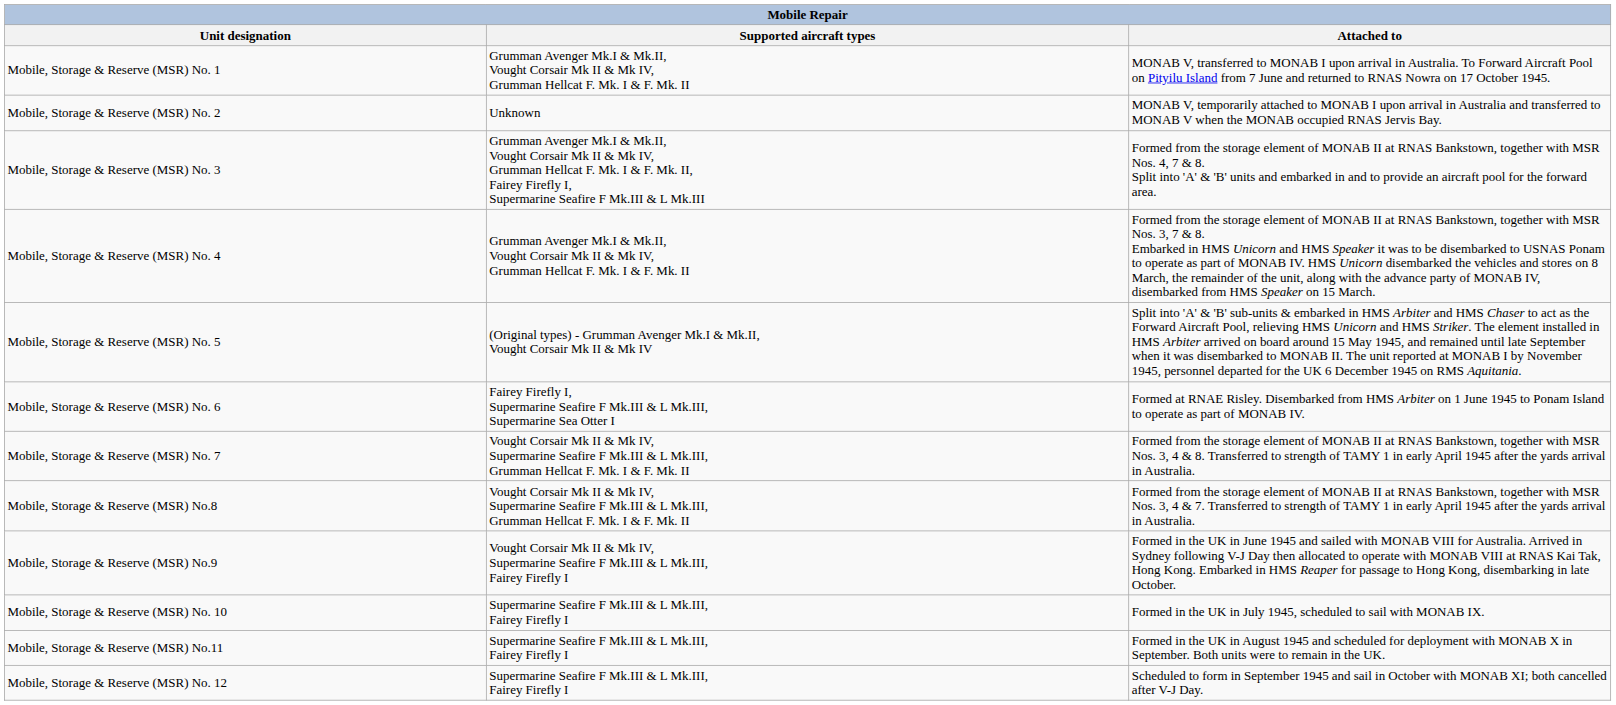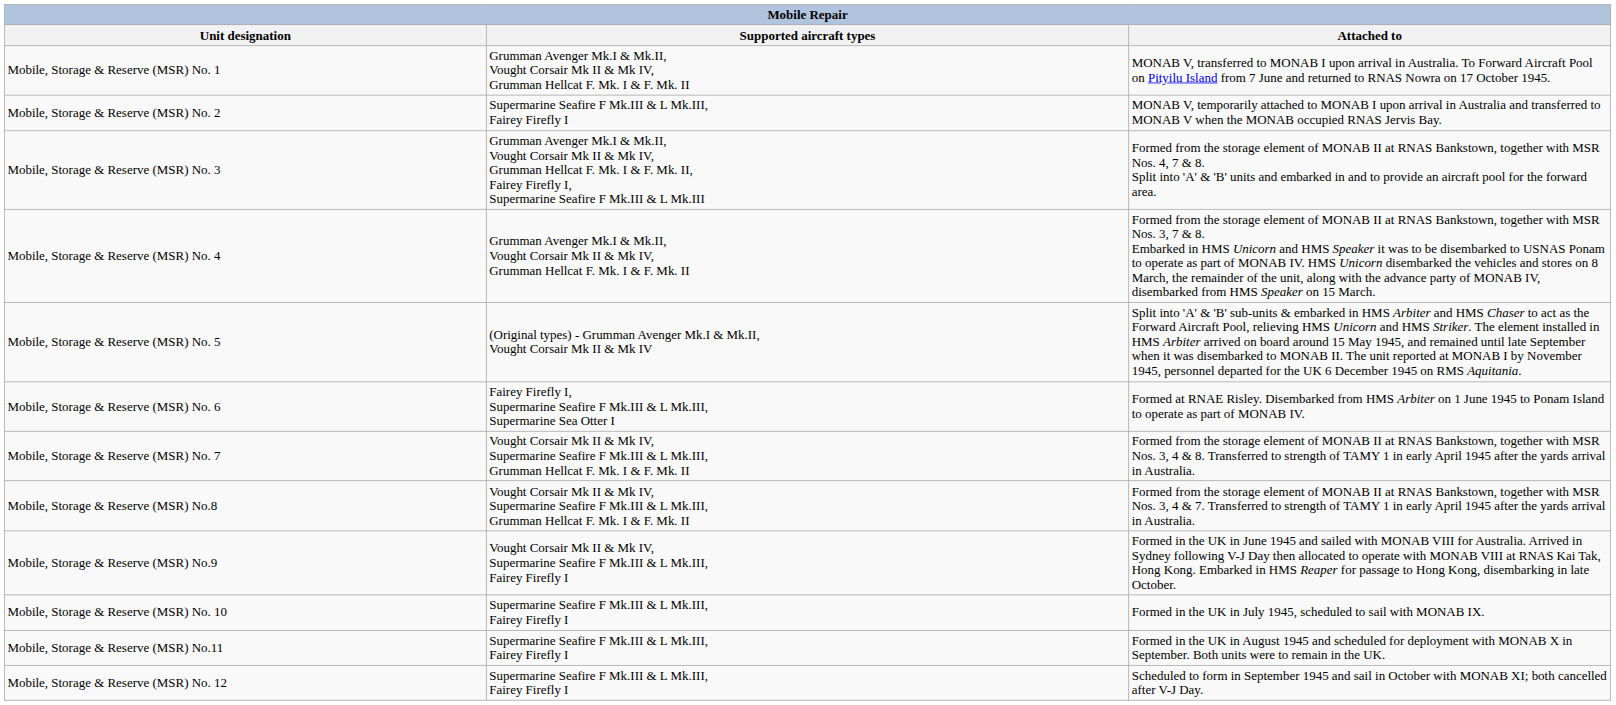 <table class="wikitable" style="margin:auto; width:100%;">
 <tr>
 <th style="align: center; background:#B0C4DE;" colspan="3">Mobile Repair</th>
 </tr>
 <tr>
 <th style="text-align:center; width:30%;">Unit designation</th>
 <th style="text-align:center; width:40%;">Supported aircraft types</th>
 <th style="text-align:center; width:30%;">Attached to</th>
 </tr>
 <tr>
 <td>Mobile, Storage & Reserve (MSR) No. 1</td>
 <td>Grumman Avenger Mk.I & Mk.II,<br>Vought Corsair Mk II & Mk IV,<br>Grumman Hellcat F. Mk. I & F. Mk. II</td>
 <td>MONAB V, transferred to MONAB I upon arrival in Australia. To Forward Aircraft Pool on <a href='#'>Pityilu Island</a> from 7 June and returned to RNAS Nowra on 17 October 1945.</td>
 </tr>
 <tr>
 <td>Mobile, Storage & Reserve (MSR) No. 2</td>
-<td>Unknown</td>
+<td>Supermarine Seafire F Mk.III & L Mk.III,<br>Fairey Firefly I</td>
 <td>MONAB V, temporarily attached to MONAB I upon arrival in Australia and transferred to MONAB V when the MONAB occupied RNAS Jervis Bay.</td>
 </tr>
 <tr>
 <td>Mobile, Storage & Reserve (MSR) No. 3</td>
 <td>Grumman Avenger Mk.I & Mk.II,<br>Vought Corsair Mk II & Mk IV,<br>Grumman Hellcat F. Mk. I & F. Mk. II,<br>Fairey Firefly I,<br>Supermarine Seafire F Mk.III & L Mk.III</td>
 <td>Formed from the storage element of MONAB II at RNAS Bankstown, together with MSR Nos. 4, 7 & 8.<br>Split into 'A' & 'B' units and embarked in  and  to provide an aircraft pool for the forward area.</td>
 </tr>
 <tr>
 <td>Mobile, Storage & Reserve (MSR) No. 4</td>
 <td>Grumman Avenger Mk.I & Mk.II,<br>Vought Corsair Mk II & Mk IV,<br>Grumman Hellcat F. Mk. I & F. Mk. II</td>
 <td>Formed from the storage element of MONAB II at RNAS Bankstown, together with MSR Nos. 3, 7 & 8.<br>Embarked in HMS <em>Unicorn</em> and HMS <em>Speaker</em> it was to be disembarked to USNAS Ponam to operate as part of MONAB IV. HMS <em>Unicorn</em> disembarked the vehicles and stores on 8 March, the remainder of the unit, along with the advance party of MONAB IV, disembarked from HMS <em>Speaker</em> on 15 March.</td>
 </tr>
 <tr>
 <td>Mobile, Storage & Reserve (MSR) No. 5</td>
 <td>(Original types) - Grumman Avenger Mk.I & Mk.II,<br>Vought Corsair Mk II & Mk IV</td>
 <td>Split into 'A' & 'B' sub-units & embarked in HMS <em>Arbiter</em> and HMS <em>Chaser</em> to act as the Forward Aircraft Pool, relieving HMS <em>Unicorn</em> and HMS <em>Striker</em>. The element installed in HMS <em>Arbiter</em> arrived on board around 15 May 1945, and remained until late September when it was disembarked to MONAB II. The unit reported at MONAB I by November 1945, personnel departed for the UK 6 December 1945 on RMS <em>Aquitania</em>.</td>
 </tr>
 <tr>
 <td>Mobile, Storage & Reserve (MSR) No. 6</td>
 <td>Fairey Firefly I,<br>Supermarine Seafire F Mk.III & L Mk.III,<br>Supermarine Sea Otter I</td>
 <td>Formed at RNAE Risley. Disembarked from HMS <em>Arbiter</em> on 1 June 1945 to Ponam Island to operate as part of MONAB IV.</td>
 </tr>
 <tr>
 <td>Mobile, Storage & Reserve (MSR) No. 7</td>
 <td>Vought Corsair Mk II & Mk IV,<br>Supermarine Seafire F Mk.III & L Mk.III,<br>Grumman Hellcat F. Mk. I & F. Mk. II</td>
 <td>Formed from the storage element of MONAB II at RNAS Bankstown, together with MSR Nos. 3, 4 & 8. Transferred to strength of TAMY 1 in early April 1945 after the yards arrival in Australia.</td>
 </tr>
 <tr>
 <td>Mobile, Storage & Reserve (MSR) No.8</td>
 <td>Vought Corsair Mk II & Mk IV,<br>Supermarine Seafire F Mk.III & L Mk.III,<br>Grumman Hellcat F. Mk. I & F. Mk. II</td>
 <td>Formed from the storage element of MONAB II at RNAS Bankstown, together with MSR Nos. 3, 4 & 7. Transferred to strength of TAMY 1 in early April 1945 after the yards arrival in Australia.</td>
 </tr>
 <tr>
 <td>Mobile, Storage & Reserve (MSR) No.9</td>
 <td>Vought Corsair Mk II & Mk IV,<br>Supermarine Seafire F Mk.III & L Mk.III,<br>Fairey Firefly I</td>
 <td>Formed in the UK in June 1945 and sailed with MONAB VIII for Australia. Arrived in Sydney following V-J Day then allocated to operate with MONAB VIII at RNAS Kai Tak, Hong Kong. Embarked in HMS <em>Reaper</em> for passage to Hong Kong, disembarking in late October.</td>
 </tr>
 <tr>
 <td>Mobile, Storage & Reserve (MSR) No. 10</td>
 <td>Supermarine Seafire F Mk.III & L Mk.III,<br>Fairey Firefly I</td>
 <td>Formed in the UK in July 1945, scheduled to sail with MONAB IX.</td>
 </tr>
 <tr>
 <td>Mobile, Storage & Reserve (MSR) No.11</td>
 <td>Supermarine Seafire F Mk.III & L Mk.III,<br>Fairey Firefly I</td>
 <td>Formed in the UK in August 1945 and scheduled for deployment with MONAB X in September. Both units were to remain in the UK.</td>
 </tr>
 <tr>
 <td>Mobile, Storage & Reserve (MSR) No. 12</td>
 <td>Supermarine Seafire F Mk.III & L Mk.III,<br>Fairey Firefly I</td>
 <td>Scheduled to form in September 1945 and sail in October with MONAB XI; both cancelled after V-J Day.</td>
 </tr>
 </table>
